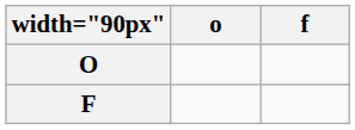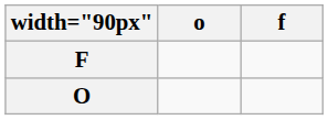 <table class="wikitable" style="margin-left: auto; margin-right: auto; border: none;">
 <tr>
 <th>width="90px" </th>
 <th width="50px">o</th>
 <th width="50px">f</th>
 </tr>
 <tr>
+<th>F</th>
+<td></td>
+<td></td>
+</tr>
+<tr>
 <th>O</th>
 <td></td>
 <td></td>
 </tr>
-<tr>
-<th>F</th>
-<td></td>
-<td></td>
-</tr>
 </table>
